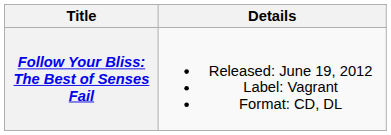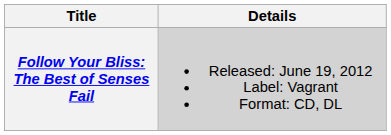 <table class="wikitable plainrowheaders" style="text-align:center;">
 <tr>
 <th rowspan="1" style="width:10em;">Title</th>
 <th rowspan="1" style="width:15em;">Details</th>
 </tr>
 <tr>
 <th scope="row"><em><a href='#'>Follow Your Bliss: The Best of Senses Fail</a></em></th>
-<td><br><ul><li>Released: June 19, 2012</li><li>Label: Vagrant</li><li>Format: CD, DL</li></ul></td>
+<td style="background: lightgrey;"><br><ul><li>Released: June 19, 2012</li><li>Label: Vagrant</li><li>Format: CD, DL</li></ul></td>
 </tr>
 </table>
